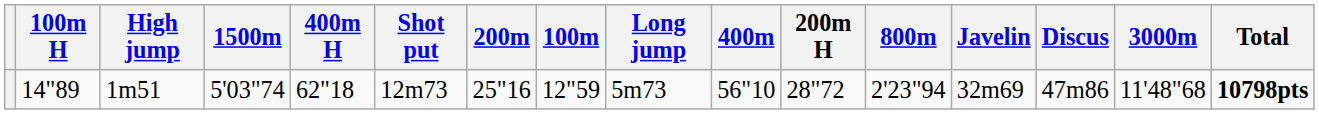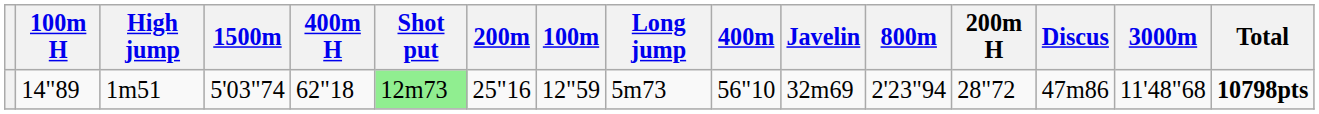 <table class="wikitable">
 <tr>
 <th scope=col></th>
 <th scope=col><a href='#'>100m H</a></th>
 <th scope=col><a href='#'>High jump</a></th>
 <th scope=col><a href='#'>1500m</a></th>
 <th scope=col><a href='#'>400m H</a></th>
 <th scope=col><a href='#'>Shot put</a></th>
 <th scope=col><a href='#'>200m</a></th>
 <th scope=col><a href='#'>100m</a></th>
 <th scope=col><a href='#'>Long jump</a></th>
 <th scope=col><a href='#'>400m</a></th>
+<th scope=col><a href='#'>Javelin</a></th>
+<th scope=col><a href='#'>800m</a></th>
 <th scope=col>200m H</th>
-<th scope=col><a href='#'>800m</a></th>
-<th scope=col><a href='#'>Javelin</a></th>
 <th scope=col><a href='#'>Discus</a></th>
 <th scope=col><a href='#'>3000m</a></th>
 <th scope=col><strong>Total</strong></th>
 </tr>
 <tr>
 <th scope=row><em></em></th>
 <td>14"89</td>
 <td>1m51</td>
 <td>5'03"74</td>
 <td>62"18</td>
-<td>12m73</td>
+<td style="background: lightgreen;">12m73</td>
 <td>25"16</td>
 <td>12"59</td>
 <td>5m73</td>
 <td>56"10</td>
+<td>32m69</td>
+<td>2'23"94</td>
 <td>28"72</td>
-<td>2'23"94</td>
-<td>32m69</td>
 <td>47m86</td>
 <td>11'48"68</td>
 <td><strong>10798pts</strong></td>
 </tr>
 </table>
